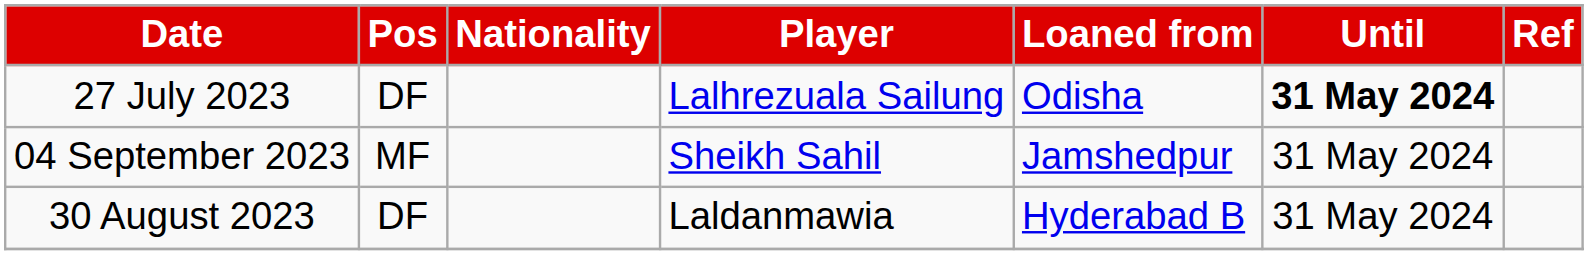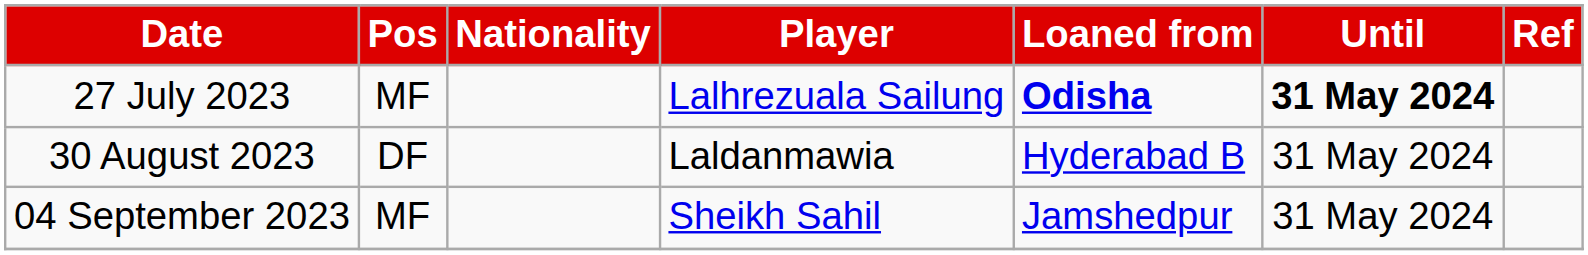 <table class="wikitable" style="text-align:center;">
 <tr>
 <th style="background:#DD0000; color:#FFFFFF; ">Date</th>
 <th style="background:#DD0000; color:#FFFFFF; ">Pos</th>
 <th style="background:#DD0000; color:#FFFFFF; ">Nationality</th>
 <th style="background:#DD0000; color:#FFFFFF; ">Player</th>
 <th style="background:#DD0000; color:#FFFFFF; ">Loaned from</th>
 <th style="background:#DD0000; color:#FFFFFF; ">Until</th>
 <th style="background:#DD0000; color:#FFFFFF; ">Ref</th>
 </tr>
 <tr>
 <td>27 July 2023</td>
+<td style="text-align:center;">MF</td>
+<td style="text-align:center;"></td>
+<td style="text-align:left;"><a href='#'>Lalhrezuala Sailung</a></td>
+<td style="text-align:left;"><strong><a href='#'>Odisha</a></strong></td>
+<td><strong>31 May 2024</strong></td>
+<td></td>
+</tr>
+<tr>
+<td>30 August 2023</td>
 <td style="text-align:center;">DF</td>
 <td style="text-align:center;"></td>
-<td style="text-align:left;"><a href='#'>Lalhrezuala Sailung</a></td>
-<td style="text-align:left;"><a href='#'>Odisha</a></td>
-<td><strong>31 May 2024</strong></td>
+<td style="text-align:left;">Laldanmawia</td>
+<td style="text-align:left;"><a href='#'>Hyderabad B</a></td>
+<td>31 May 2024</td>
 <td></td>
 </tr>
 <tr>
 <td>04 September 2023</td>
 <td style="text-align:center;">MF</td>
 <td style="text-align:center;"></td>
 <td style="text-align:left;"><a href='#'>Sheikh Sahil</a></td>
 <td style="text-align:left;"><a href='#'>Jamshedpur</a></td>
 <td>31 May 2024</td>
 <td></td>
 </tr>
 <tr>
-<td>30 August 2023</td>
-<td style="text-align:center;">DF</td>
-<td style="text-align:center;"></td>
-<td style="text-align:left;">Laldanmawia</td>
-<td style="text-align:left;"><a href='#'>Hyderabad B</a></td>
-<td>31 May 2024</td>
-<td></td>
-</tr>
-<tr>
 </tr>
 </table>
